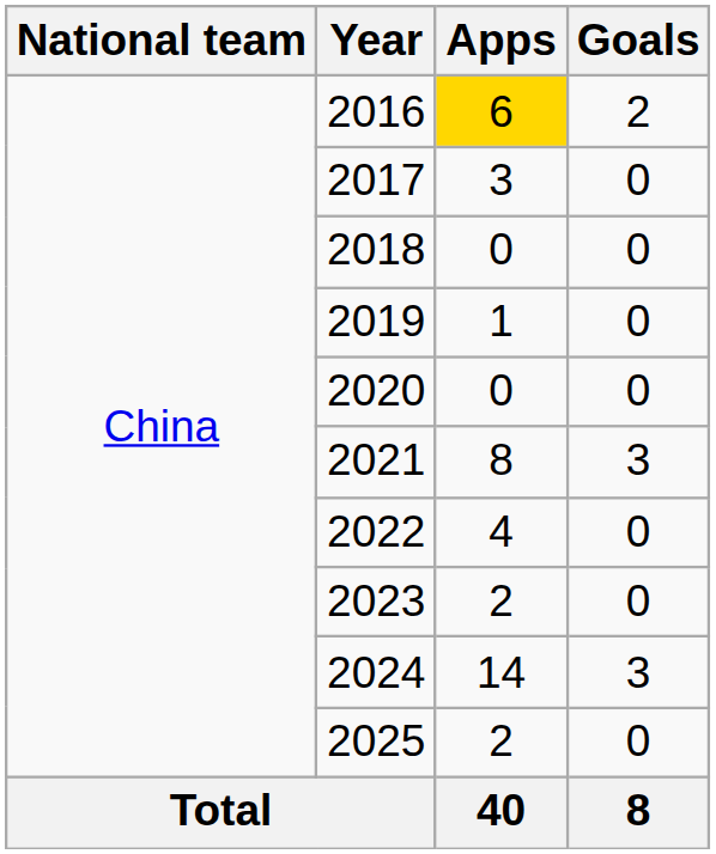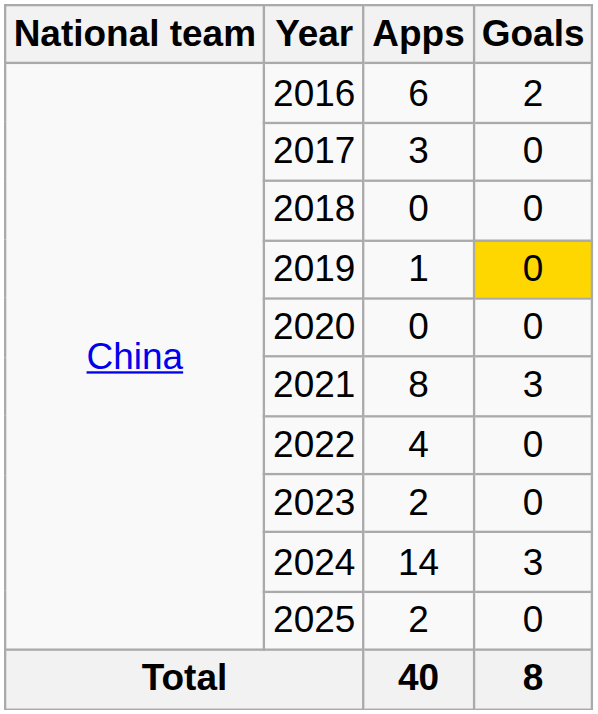 <table class="wikitable" style="text-align:center">
 <tr>
 <th>National team</th>
 <th>Year</th>
 <th>Apps</th>
 <th>Goals</th>
 </tr>
 <tr>
 <td rowspan="10"><a href='#'>China</a></td>
 <td>2016</td>
-<td style="background: gold;">6</td>
+<td>6</td>
 <td>2</td>
 </tr>
 <tr>
 <td>2017</td>
 <td>3</td>
 <td>0</td>
 </tr>
 <tr>
 <td>2018</td>
 <td>0</td>
 <td>0</td>
 </tr>
 <tr>
 <td>2019</td>
 <td>1</td>
-<td>0</td>
+<td style="background: gold;">0</td>
 </tr>
 <tr>
 <td>2020</td>
 <td>0</td>
 <td>0</td>
 </tr>
 <tr>
 <td>2021</td>
 <td>8</td>
 <td>3</td>
 </tr>
 <tr>
 <td>2022</td>
 <td>4</td>
 <td>0</td>
 </tr>
 <tr>
 <td>2023</td>
 <td>2</td>
 <td>0</td>
 </tr>
 <tr>
 <td>2024</td>
 <td>14</td>
 <td>3</td>
 </tr>
 <tr>
 <td>2025</td>
 <td>2</td>
 <td>0</td>
 </tr>
 <tr>
 <th colspan="2">Total</th>
 <th>40</th>
 <th>8</th>
 </tr>
 </table>
